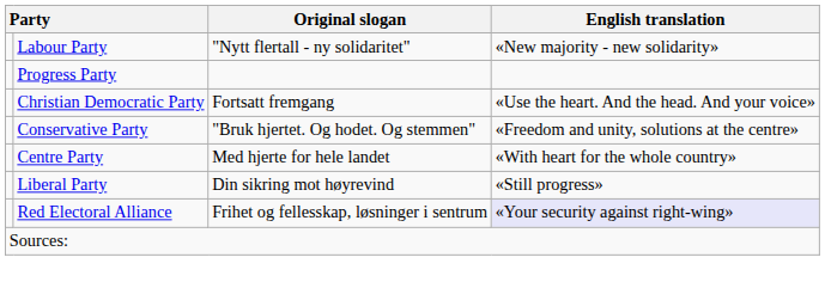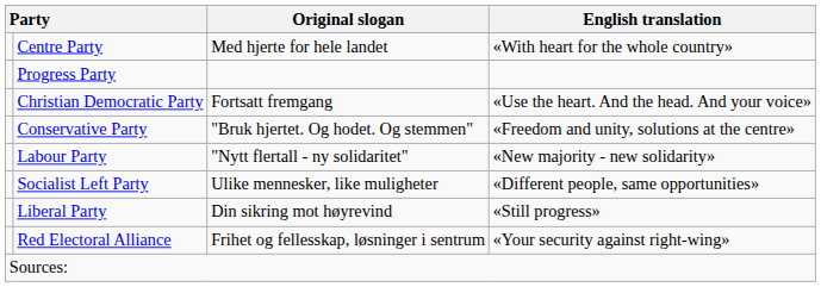 <table class="wikitable" style="font-size:97%; text-align:left">
 <tr>
 <th colspan="2" style="text-align:left;">Party</th>
 <th>Original slogan</th>
 <th>English translation</th>
 </tr>
 <tr>
 <td style="background:"></td>
-<td><a href='#'>Labour Party</a></td>
-<td>"Nytt flertall - ny solidaritet"</td>
-<td>«New majority - new solidarity»</td>
+<td><a href='#'>Centre Party</a></td>
+<td>Med hjerte for hele landet</td>
+<td>«With heart for the whole country»</td>
 </tr>
 <tr>
 <td style="background:"></td>
 <td><a href='#'>Progress Party</a></td>
 <td></td>
 <td></td>
 </tr>
 <tr>
 <td style="background:"></td>
 <td><a href='#'>Christian Democratic Party</a></td>
 <td>Fortsatt fremgang</td>
 <td>«Use the heart. And the head. And your voice»</td>
 </tr>
 <tr>
 <td style="background:"></td>
 <td><a href='#'>Conservative Party</a></td>
 <td>"Bruk hjertet. Og hodet. Og stemmen"</td>
 <td>«Freedom and unity, solutions at the centre»</td>
 </tr>
 <tr>
 <td style="background:"></td>
-<td><a href='#'>Centre Party</a></td>
-<td>Med hjerte for hele landet</td>
-<td>«With heart for the whole country»</td>
+<td><a href='#'>Labour Party</a></td>
+<td>"Nytt flertall - ny solidaritet"</td>
+<td>«New majority - new solidarity»</td>
+</tr>
+<tr>
+<td style="background:"></td>
+<td><a href='#'>Socialist Left Party</a></td>
+<td>Ulike mennesker, like muligheter</td>
+<td>«Different people, same opportunities»</td>
 </tr>
 <tr>
 <td style="background:"></td>
 <td><a href='#'>Liberal Party</a></td>
 <td>Din sikring mot høyrevind</td>
 <td>«Still progress»</td>
 </tr>
 <tr>
 <td style="background:"></td>
 <td><a href='#'>Red Electoral Alliance</a></td>
 <td>Frihet og fellesskap, løsninger i sentrum</td>
-<td style="background: lavender;">«Your security against right-wing»</td>
+<td>«Your security against right-wing»</td>
 </tr>
 <tr>
 <td colspan="4">Sources: </td>
 </tr>
 </table>
